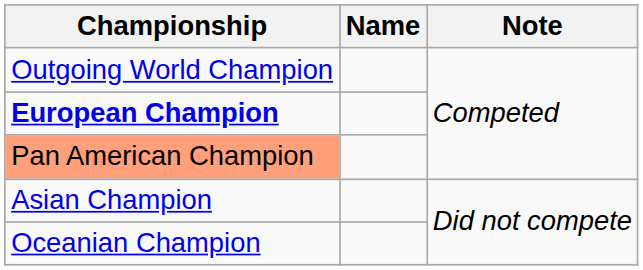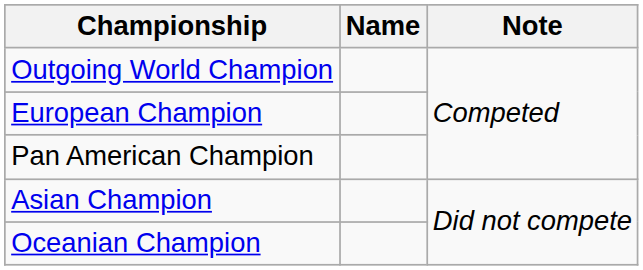 <table class="wikitable">
 <tr>
 <th>Championship</th>
 <th>Name</th>
 <th>Note</th>
 </tr>
 <tr>
 <td><a href='#'>Outgoing World Champion</a></td>
 <td></td>
 <td rowspan=3><em>Competed</em></td>
 </tr>
 <tr>
-<td><strong><a href='#'>European Champion</a></strong></td>
+<td><a href='#'>European Champion</a></td>
 <td></td>
 </tr>
 <tr>
-<td style="background: lightsalmon;">Pan American Champion</td>
+<td>Pan American Champion</td>
 <td></td>
 </tr>
 <tr>
 <td><a href='#'>Asian Champion</a></td>
 <td></td>
 <td rowspan=2><em>Did not compete</em></td>
 </tr>
 <tr>
 <td><a href='#'>Oceanian Champion</a></td>
 <td></td>
 </tr>
 </table>
